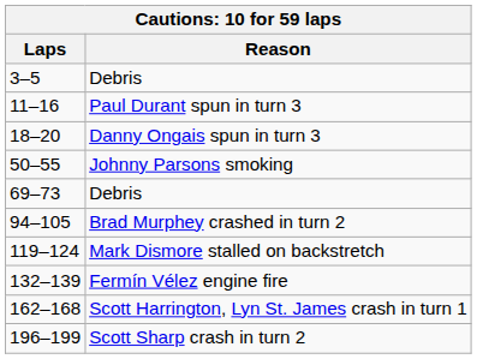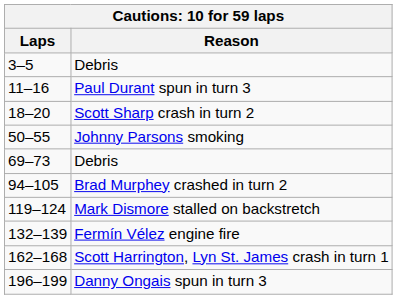 <table class="wikitable">
 <tr>
 <th colspan=2>Cautions: 10 for 59 laps</th>
 </tr>
 <tr>
 <th>Laps</th>
 <th>Reason</th>
 </tr>
 <tr>
 <td>3–5</td>
 <td>Debris</td>
 </tr>
 <tr>
 <td>11–16</td>
 <td><a href='#'>Paul Durant</a> spun in turn 3</td>
 </tr>
 <tr>
 <td>18–20</td>
-<td><a href='#'>Danny Ongais</a> spun in turn 3</td>
+<td><a href='#'>Scott Sharp</a> crash in turn 2</td>
 </tr>
 <tr>
 <td>50–55</td>
 <td><a href='#'>Johnny Parsons</a> smoking</td>
 </tr>
 <tr>
 <td>69–73</td>
 <td>Debris</td>
 </tr>
 <tr>
 <td>94–105</td>
 <td><a href='#'>Brad Murphey</a> crashed in turn 2</td>
 </tr>
 <tr>
 <td>119–124</td>
 <td><a href='#'>Mark Dismore</a> stalled on backstretch</td>
 </tr>
 <tr>
 <td>132–139</td>
 <td><a href='#'>Fermín Vélez</a> engine fire</td>
 </tr>
 <tr>
 <td>162–168</td>
 <td><a href='#'>Scott Harrington</a>, <a href='#'>Lyn St. James</a> crash in turn 1</td>
 </tr>
 <tr>
 <td>196–199</td>
-<td><a href='#'>Scott Sharp</a> crash in turn 2</td>
+<td><a href='#'>Danny Ongais</a> spun in turn 3</td>
 </tr>
 </table>
